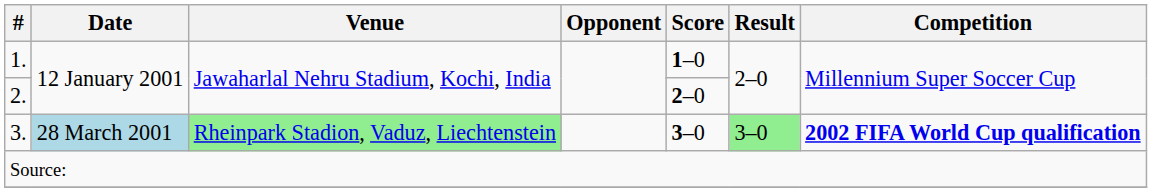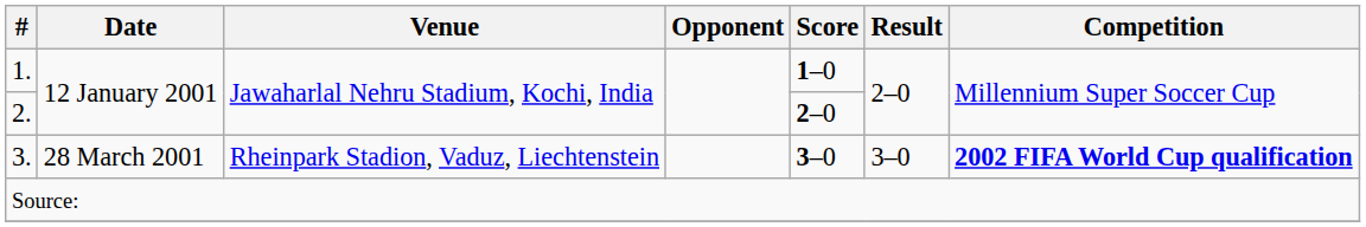 <table class="wikitable" style="font-size:95%;">
 <tr>
 <th>#</th>
 <th>Date</th>
 <th>Venue</th>
 <th>Opponent</th>
 <th>Score</th>
 <th>Result</th>
 <th>Competition</th>
 </tr>
 <tr>
 <td>1.</td>
 <td rowspan=2>12 January 2001</td>
 <td rowspan=2><a href='#'>Jawaharlal Nehru Stadium</a>, <a href='#'>Kochi</a>, <a href='#'>India</a></td>
 <td rowspan=2></td>
 <td><strong>1</strong>–0</td>
 <td rowspan=2>2–0</td>
 <td rowspan=2><a href='#'>Millennium Super Soccer Cup</a></td>
 </tr>
 <tr>
 <td>2.</td>
 <td><strong>2</strong>–0</td>
 </tr>
 <tr>
 <td>3.</td>
-<td style="background: lightblue;">28 March 2001</td>
-<td style="background: lightgreen;"><a href='#'>Rheinpark Stadion</a>, <a href='#'>Vaduz</a>, <a href='#'>Liechtenstein</a></td>
+<td>28 March 2001</td>
+<td><a href='#'>Rheinpark Stadion</a>, <a href='#'>Vaduz</a>, <a href='#'>Liechtenstein</a></td>
 <td></td>
 <td><strong>3</strong>–0</td>
-<td style="background: lightgreen;">3–0</td>
+<td>3–0</td>
 <td><strong><a href='#'>2002 FIFA World Cup qualification</a></strong></td>
 </tr>
 <tr>
 <td colspan="7"><small>Source:</small></td>
 </tr>
 <tr>
 </tr>
 </table>
